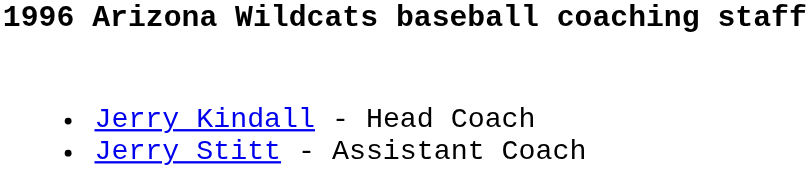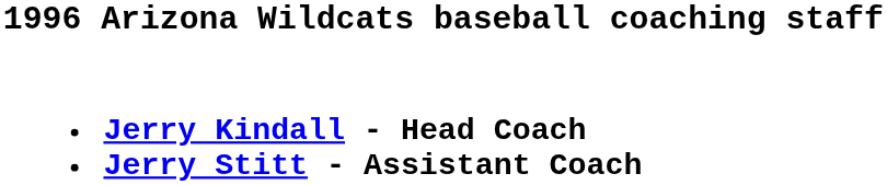 <table class="toccolours">
 <tr>
 <th colspan="9">1996 Arizona Wildcats baseball coaching staff</th>
 </tr>
 <tr>
-<td style="text-align: left; font-size: 95%;" valign="top"><br><ul><li><a href='#'>Jerry Kindall</a> - Head Coach</li><li><a href='#'>Jerry Stitt</a> - Assistant Coach</li></ul></td>
+<td style="text-align: left; font-size: 95%;" valign="top"><strong><br><ul><li><a href='#'>Jerry Kindall</a> - Head Coach</li><li><a href='#'>Jerry Stitt</a> - Assistant Coach</li></ul></strong></td>
 </tr>
 </table>
